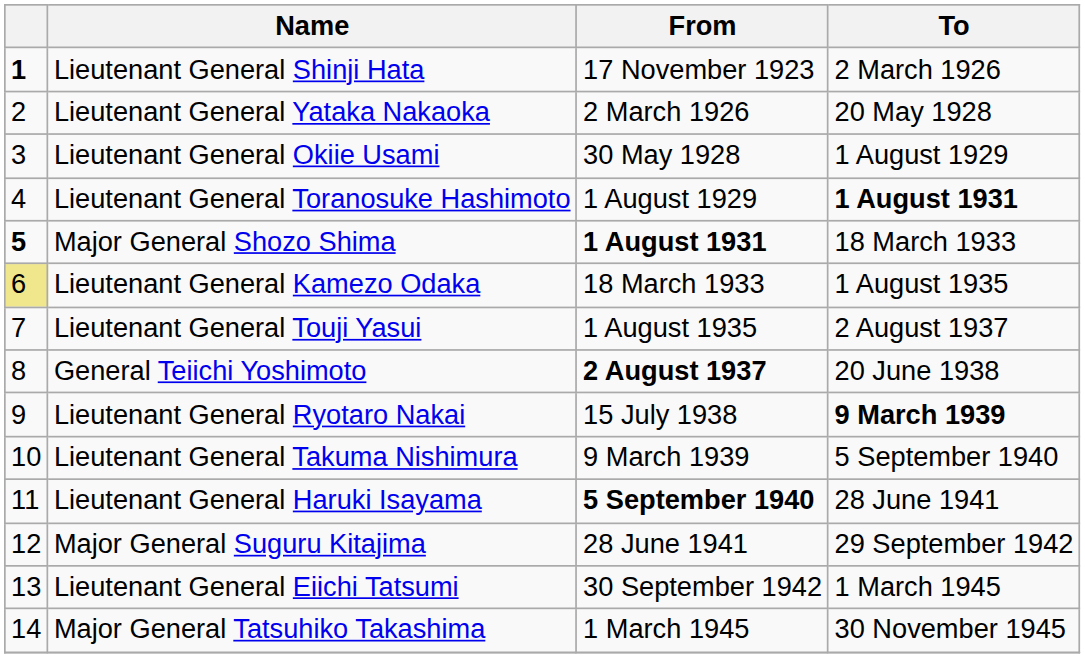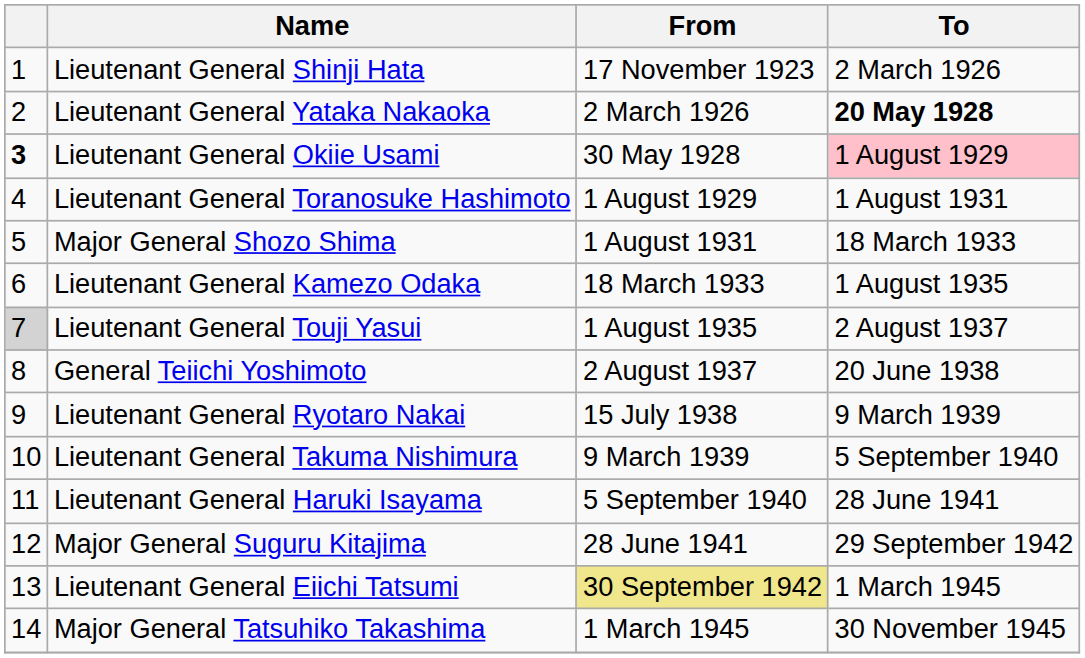 <table class=wikitable>
 <tr>
 <th></th>
 <th>Name</th>
 <th>From</th>
 <th>To</th>
 </tr>
 <tr>
-<td><strong>1</strong></td>
+<td>1</td>
 <td>Lieutenant General <a href='#'>Shinji Hata</a></td>
 <td>17 November 1923</td>
 <td>2 March 1926</td>
 </tr>
 <tr>
 <td>2</td>
 <td>Lieutenant General <a href='#'>Yataka Nakaoka</a></td>
 <td>2 March 1926</td>
-<td>20 May 1928</td>
+<td><strong>20 May 1928</strong></td>
 </tr>
 <tr>
-<td>3</td>
+<td><strong>3</strong></td>
 <td>Lieutenant General <a href='#'>Okiie Usami</a></td>
 <td>30 May 1928</td>
-<td>1 August 1929</td>
+<td style="background: pink;">1 August 1929</td>
 </tr>
 <tr>
 <td>4</td>
 <td>Lieutenant General <a href='#'>Toranosuke Hashimoto</a></td>
 <td>1 August 1929</td>
-<td><strong>1 August 1931</strong></td>
+<td>1 August 1931</td>
 </tr>
 <tr>
-<td><strong>5</strong></td>
+<td>5</td>
 <td>Major General <a href='#'>Shozo Shima</a></td>
-<td><strong>1 August 1931</strong></td>
+<td>1 August 1931</td>
 <td>18 March 1933</td>
 </tr>
 <tr>
-<td style="background: khaki;">6</td>
+<td>6</td>
 <td>Lieutenant General <a href='#'>Kamezo Odaka</a></td>
 <td>18 March 1933</td>
 <td>1 August 1935</td>
 </tr>
 <tr>
-<td>7</td>
+<td style="background: lightgrey;">7</td>
 <td>Lieutenant General <a href='#'>Touji Yasui</a></td>
 <td>1 August 1935</td>
 <td>2 August 1937</td>
 </tr>
 <tr>
 <td>8</td>
 <td>General <a href='#'>Teiichi Yoshimoto</a></td>
-<td><strong>2 August 1937</strong></td>
+<td>2 August 1937</td>
 <td>20 June 1938</td>
 </tr>
 <tr>
 <td>9</td>
 <td>Lieutenant General <a href='#'>Ryotaro Nakai</a></td>
 <td>15 July 1938</td>
-<td><strong>9 March 1939</strong></td>
+<td>9 March 1939</td>
 </tr>
 <tr>
 <td>10</td>
 <td>Lieutenant General <a href='#'>Takuma Nishimura</a></td>
 <td>9 March 1939</td>
 <td>5 September 1940</td>
 </tr>
 <tr>
 <td>11</td>
 <td>Lieutenant General <a href='#'>Haruki Isayama</a></td>
-<td><strong>5 September 1940</strong></td>
+<td>5 September 1940</td>
 <td>28 June 1941</td>
 </tr>
 <tr>
 <td>12</td>
 <td>Major General <a href='#'>Suguru Kitajima</a></td>
 <td>28 June 1941</td>
 <td>29 September 1942</td>
 </tr>
 <tr>
 <td>13</td>
 <td>Lieutenant General <a href='#'>Eiichi Tatsumi</a></td>
-<td>30 September 1942</td>
+<td style="background: khaki;">30 September 1942</td>
 <td>1 March 1945</td>
 </tr>
 <tr>
 <td>14</td>
 <td>Major General <a href='#'>Tatsuhiko Takashima</a></td>
 <td>1 March 1945</td>
 <td>30 November 1945</td>
 </tr>
 <tr>
 </tr>
 </table>
